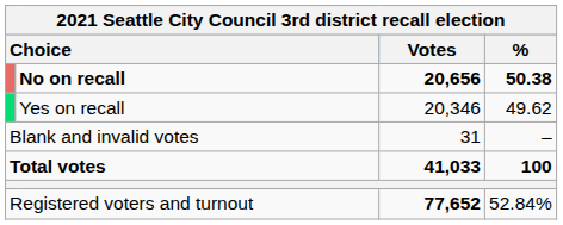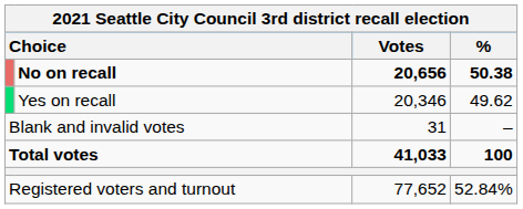 <table class="wikitable" style="text-align:right;margin-right:1em; font-size:95%">
 <tr>
 <td colspan="4" style="background:#f2f2f2; text-align:center;"><strong>2021 Seattle City Council 3rd district recall election</strong></td>
 </tr>
 <tr style="background:#09a8ff; text-align:center;">
 <th colspan="2" style="text-align:left; width:300px;">Choice</th>
 <th style="width:80px;">Votes</th>
 <th style="width:50px;">%</th>
 </tr>
 <tr>
 <td style="background: rgb(233, 107, 103);"></td>
 <td style="text-align:left;"><strong>No on recall</strong></td>
 <td><strong>20,656</strong></td>
 <td><strong>50.38</strong></td>
 </tr>
 <tr>
 <td style="background: rgb(1, 223, 116); width:1px"></td>
 <td style="text-align:left;">Yes on recall</td>
 <td>20,346</td>
 <td>49.62</td>
 </tr>
 <tr>
 <td style="text-align:left;" colspan="2">Blank and invalid votes</td>
 <td>31</td>
 <td>–</td>
 </tr>
 <tr style="font-weight:bold;">
 <td style="text-align:left;" colspan="2">Total votes</td>
 <td>41,033</td>
 <td>100</td>
 </tr>
 <tr>
 <td colspan="4" style="background:#f2f2f2;"></td>
 </tr>
 <tr>
 <td style="text-align:left;" colspan="2">Registered voters and turnout</td>
-<td><strong>77,652</strong></td>
+<td>77,652</td>
 <td>52.84%</td>
 </tr>
 </table>
